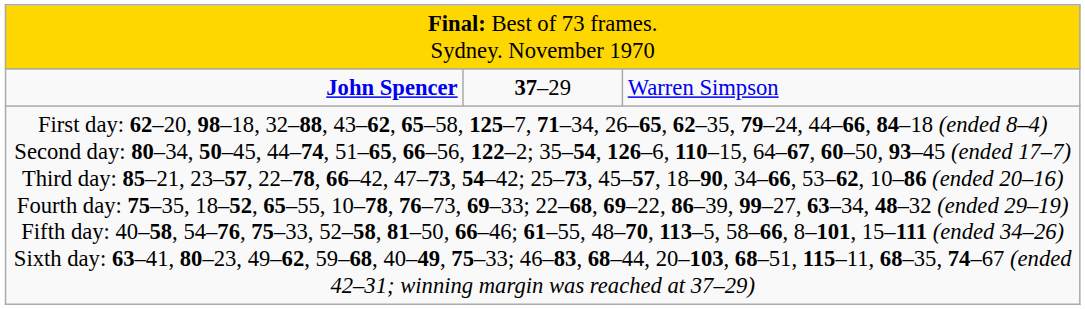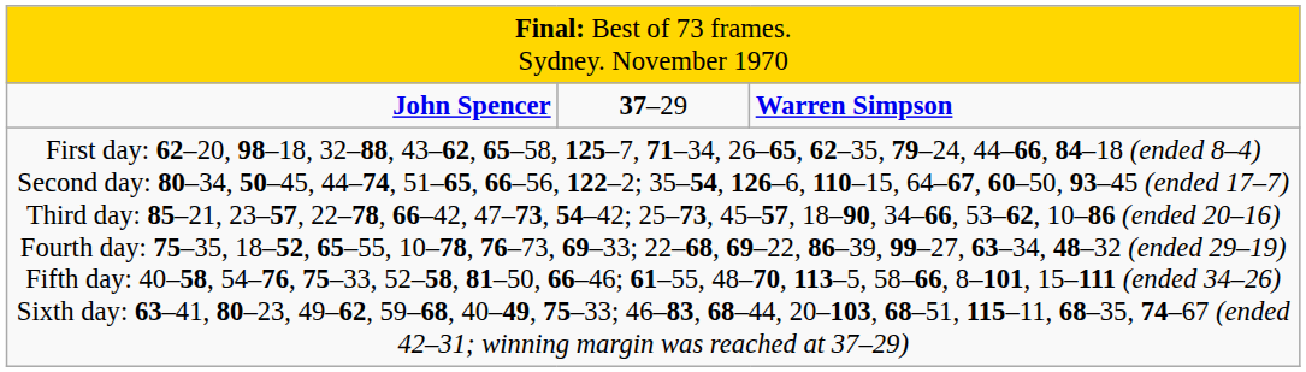 <table class="wikitable" style="font-size: 95%; margin: 1em auto 1em auto;">
 <tr>
 <td colspan="3" align="center" bgcolor="#ffd700"><strong>Final:</strong> Best of 73 frames.<br> Sydney. November 1970</td>
 </tr>
 <tr>
 <td width="300" align="right"><strong><a href='#'>John Spencer</a></strong> <br></td>
 <td width="100" align="center"><strong>37</strong>–29</td>
-<td width="300"><a href='#'>Warren Simpson</a> <br></td>
+<td width="300"><strong><a href='#'>Warren Simpson</a> <br></strong></td>
 </tr>
 <tr>
 <td colspan="3" align="center" style="font-size: 100%">First day: <strong>62</strong>–20, <strong>98</strong>–18, 32–<strong>88</strong>, 43–<strong>62</strong>, <strong>65</strong>–58, <strong>125</strong>–7, <strong>71</strong>–34, 26–<strong>65</strong>, <strong>62</strong>–35, <strong>79</strong>–24, 44–<strong>66</strong>, <strong>84</strong>–18 <em>(ended 8–4)</em><br>Second day: <strong>80</strong>–34, <strong>50</strong>–45, 44–<strong>74</strong>, 51–<strong>65</strong>, <strong>66</strong>–56, <strong>122</strong>–2; 35–<strong>54</strong>, <strong>126</strong>–6, <strong>110</strong>–15, 64–<strong>67</strong>, <strong>60</strong>–50, <strong>93</strong>–45 <em>(ended 17–7)</em><br>Third day: <strong>85</strong>–21, 23–<strong>57</strong>, 22–<strong>78</strong>, <strong>66</strong>–42, 47–<strong>73</strong>, <strong>54</strong>–42; 25–<strong>73</strong>, 45–<strong>57</strong>, 18–<strong>90</strong>, 34–<strong>66</strong>, 53–<strong>62</strong>, 10–<strong>86</strong> <em>(ended 20–16)</em><br>Fourth day: <strong>75</strong>–35, 18–<strong>52</strong>, <strong>65</strong>–55, 10–<strong>78</strong>, <strong>76</strong>–73, <strong>69</strong>–33; 22–<strong>68</strong>, <strong>69</strong>–22, <strong>86</strong>–39, <strong>99</strong>–27, <strong>63</strong>–34, <strong>48</strong>–32 <em>(ended 29–19)</em><br>Fifth day: 40–<strong>58</strong>, 54–<strong>76</strong>, <strong>75</strong>–33, 52–<strong>58</strong>, <strong>81</strong>–50, <strong>66</strong>–46; <strong>61</strong>–55, 48–<strong>70</strong>, <strong>113</strong>–5, 58–<strong>66</strong>, 8–<strong>101</strong>, 15–<strong>111</strong> <em>(ended 34–26)<br></em>Sixth day: <strong>63</strong>–41, <strong>80</strong>–23, 49–<strong>62</strong>, 59–<strong>68</strong>, 40–<strong>49</strong>, <strong>75</strong>–33; 46–<strong>83</strong>, <strong>68</strong>–44, 20–<strong>103</strong>, <strong>68</strong>–51, <strong>115</strong>–11, <strong>68</strong>–35, <strong>74</strong>–67 <em>(ended 42–31; winning margin was reached at 37–29)</em></td>
 </tr>
 </table>
